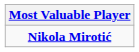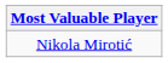 <table class=wikitable style="text-align:center; margin:auto">
 <tr>
 <th><a href='#'>Most Valuable Player</a></th>
 </tr>
 <tr>
-<td><strong> <a href='#'>Nikola Mirotić</a></strong></td>
+<td> <a href='#'>Nikola Mirotić</a></td>
 </tr>
 </table>
